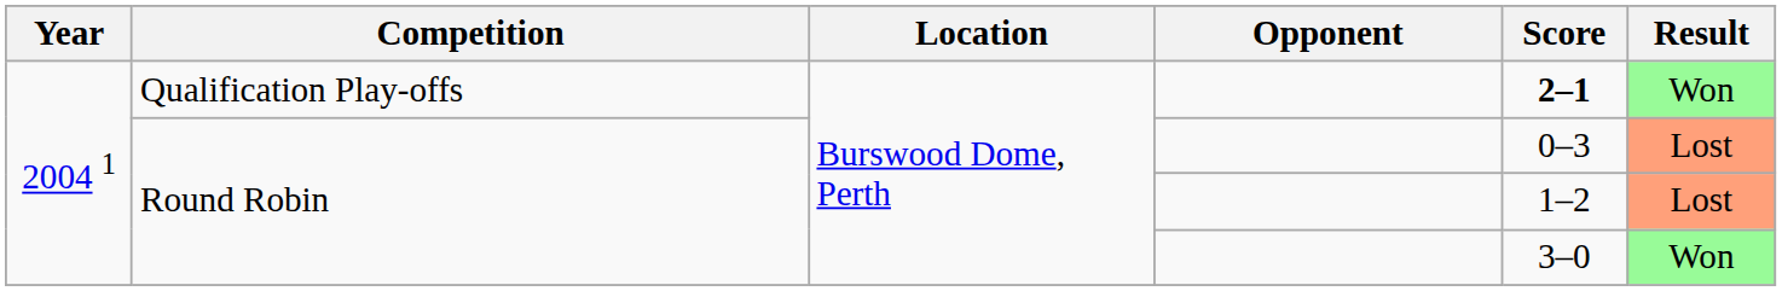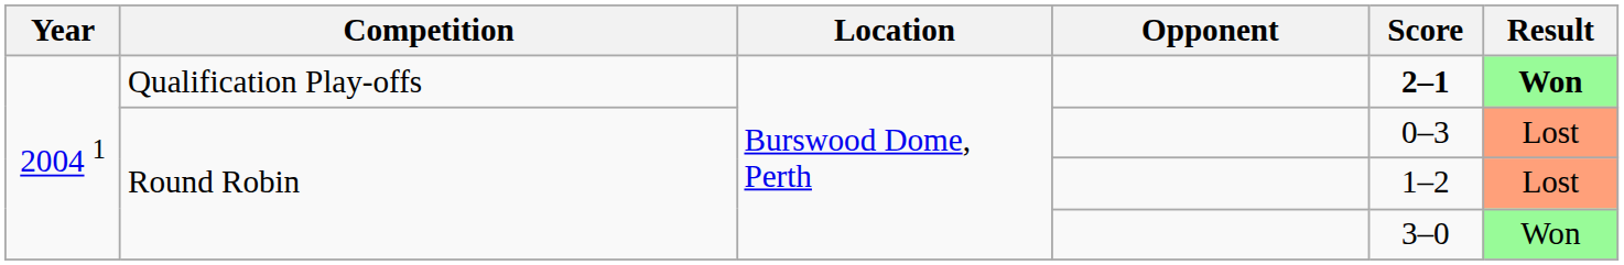 <table class="wikitable">
 <tr>
 <th width="50">Year</th>
 <th width="300">Competition</th>
 <th width="150">Location</th>
 <th width="150">Opponent</th>
 <th width="50">Score</th>
 <th width="60">Result</th>
 </tr>
 <tr>
 <td align="center" rowspan="4"><a href='#'>2004</a> <sup>1</sup></td>
 <td>Qualification Play-offs</td>
 <td rowspan=4><a href='#'>Burswood Dome</a>, <a href='#'>Perth</a></td>
 <td></td>
 <td align="center"><strong>2–1</strong></td>
-<td align="center" bgcolor="#98FB98">Won</td>
+<td align="center" bgcolor="#98FB98"><strong>Won</strong></td>
 </tr>
 <tr>
 <td rowspan=3>Round Robin</td>
 <td></td>
 <td align="center">0–3</td>
 <td align="center" bgcolor="#FFA07A">Lost</td>
 </tr>
 <tr>
 <td></td>
 <td align="center">1–2</td>
 <td align="center" bgcolor="#FFA07A">Lost</td>
 </tr>
 <tr>
 <td></td>
 <td align="center">3–0</td>
 <td align="center" bgcolor="#98FB98">Won</td>
 </tr>
 </table>
